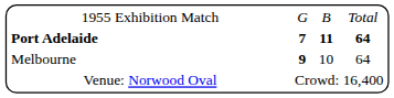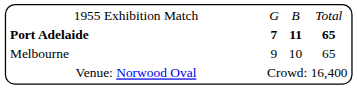 <table style="margin-right:4px; margin-left:4px; margin-top:8px; float:right; border:1px #000 solid; border-radius:8px; background:#fff; font-family:Verdana; font-size:8pt; text-align:center;">
 <tr>
 <td width=200>1955 Exhibition Match</td>
 <td><em>G</em></td>
 <td><em>B</em></td>
 <td><em>Total</em></td>
 </tr>
 <tr>
 <td style="text-align:left"><strong>Port Adelaide</strong></td>
 <td><strong>7</strong></td>
 <td><strong>11</strong></td>
-<td><strong>64</strong></td>
+<td><strong>65</strong></td>
 </tr>
 <tr>
 <td style="text-align:left">Melbourne</td>
-<td><strong>9</strong></td>
+<td>9</td>
 <td>10</td>
-<td>64</td>
+<td>65</td>
 </tr>
 <tr>
 <td>Venue: <a href='#'>Norwood Oval</a></td>
 <td colspan=3>Crowd: 16,400</td>
 </tr>
 </table>
